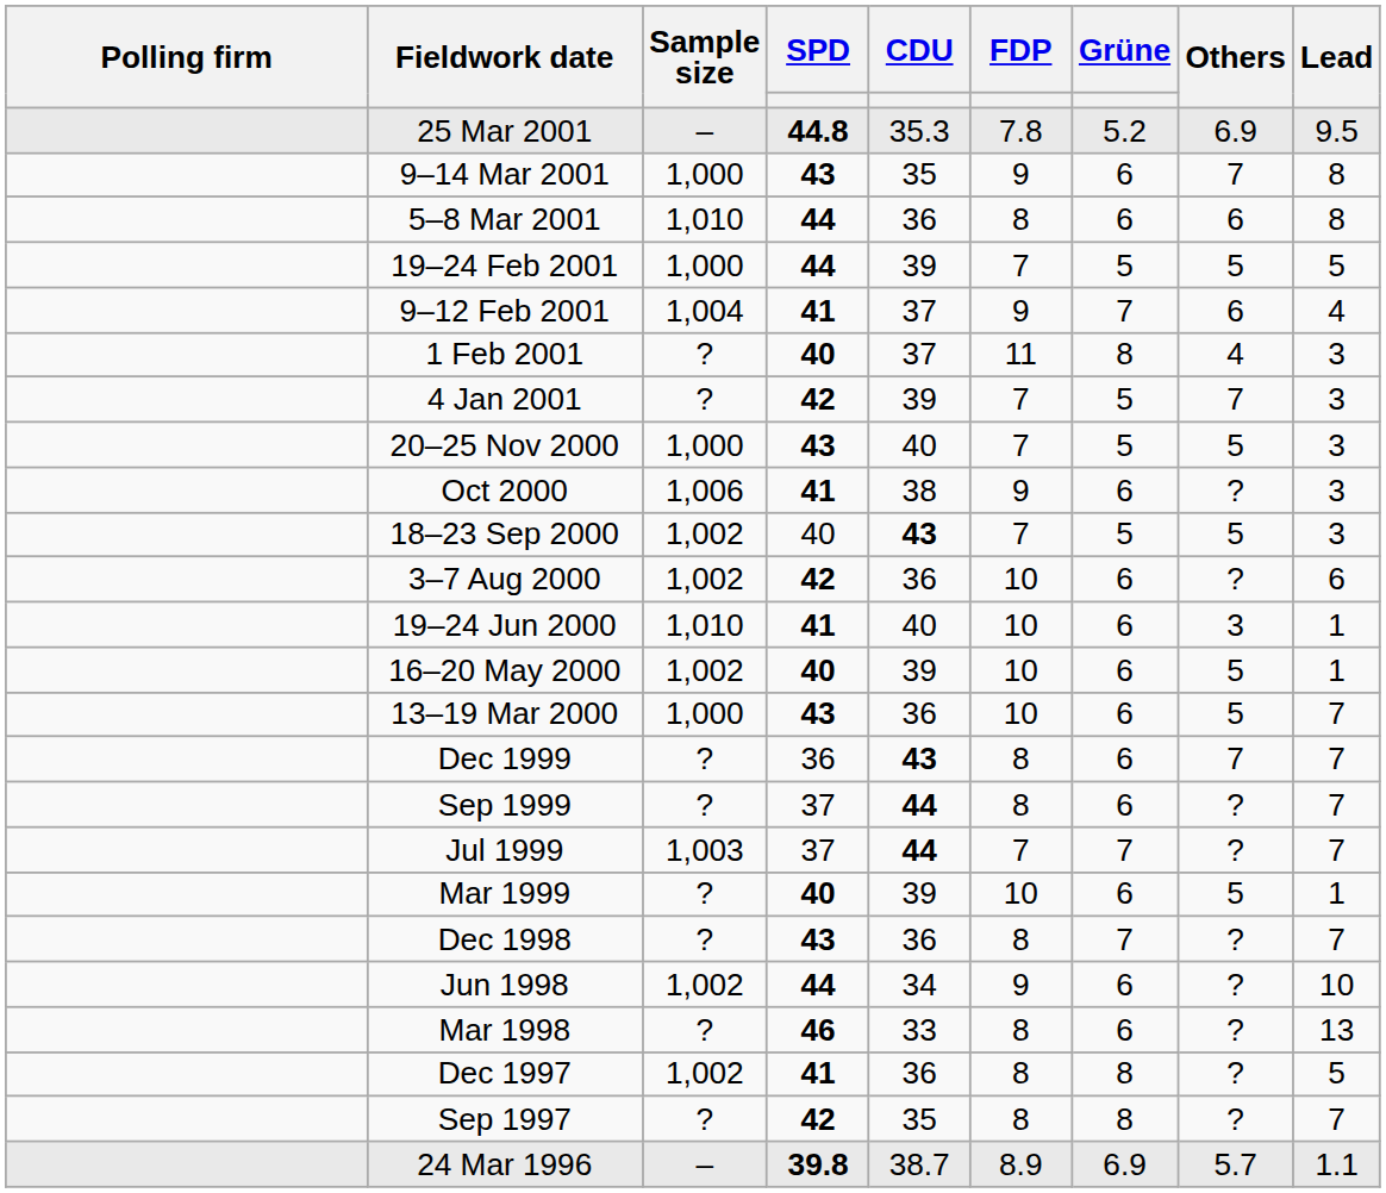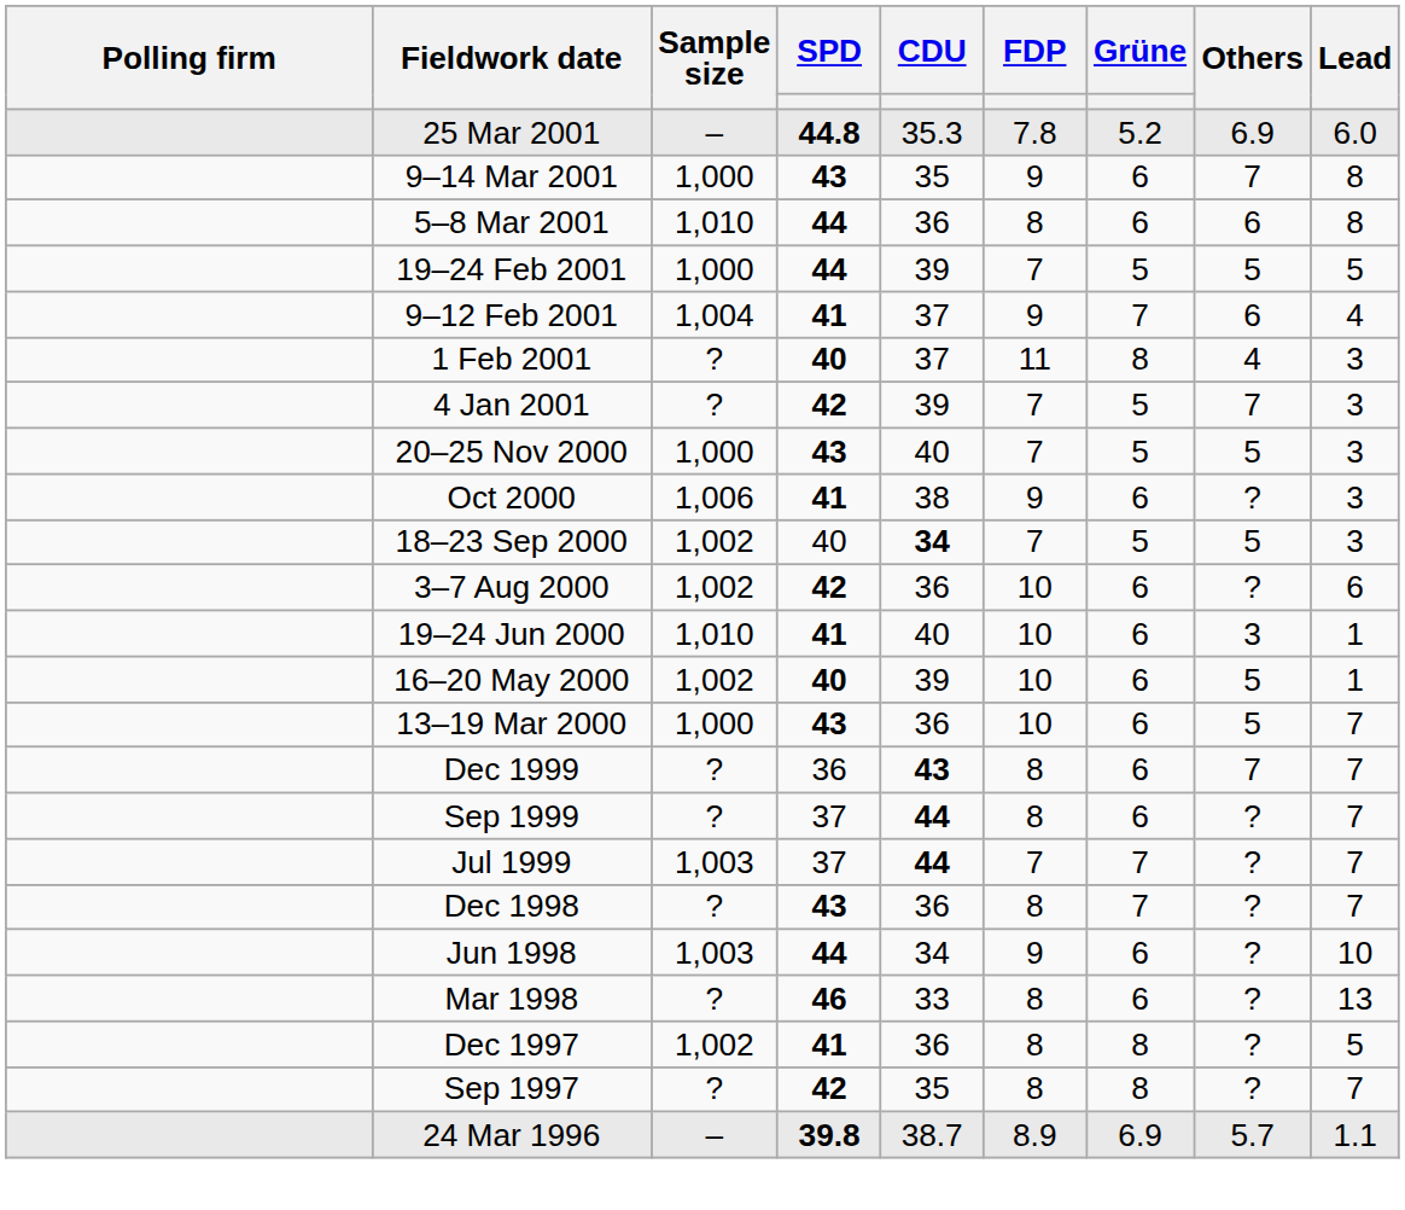 <table class="wikitable sortable" style="text-align:center;font-size:90%;line-height:14px;">
 <tr style="height:40px;">
 <th style="width:160px;" rowspan="2">Polling firm</th>
 <th style="width:120px;" rowspan="2">Fieldwork date</th>
 <th style="width:35px;" rowspan="2">Sample<br>size</th>
 <th class="unsortable" style="width:40px;"><a href='#'>SPD</a></th>
 <th class="unsortable" style="width:40px;"><a href='#'>CDU</a></th>
 <th class="unsortable" style="width:40px;"><a href='#'>FDP</a></th>
 <th class="unsortable" style="width:40px;"><a href='#'>Grüne</a></th>
 <th class="unsortable" style="width:40px;" rowspan="2">Others</th>
 <th style="width:30px;" rowspan="2">Lead</th>
 </tr>
 <tr>
 <th style="background:"></th>
 <th style="background:"></th>
 <th style="background:"></th>
 <th style="background:"></th>
 </tr>
 <tr style="background:#E9E9E9;">
 <td></td>
 <td data-sort-value="2001-03-25">25 Mar 2001</td>
 <td>–</td>
 <td><strong>44.8</strong></td>
 <td>35.3</td>
 <td>7.8</td>
 <td>5.2</td>
 <td>6.9</td>
-<td style="background:">9.5</td>
+<td style="background:">6.0</td>
 </tr>
 <tr>
 <td></td>
 <td data-sort-value="2001-03-15">9–14 Mar 2001</td>
 <td>1,000</td>
 <td><strong>43</strong></td>
 <td>35</td>
 <td>9</td>
 <td>6</td>
 <td>7</td>
 <td style="background:">8</td>
 </tr>
 <tr>
 <td></td>
 <td data-sort-value="2001-03-09">5–8 Mar 2001</td>
 <td>1,010</td>
 <td><strong>44</strong></td>
 <td>36</td>
 <td>8</td>
 <td>6</td>
 <td>6</td>
 <td style="background:">8</td>
 </tr>
 <tr>
 <td></td>
 <td data-sort-value="2001-03-01">19–24 Feb 2001</td>
 <td>1,000</td>
 <td><strong>44</strong></td>
 <td>39</td>
 <td>7</td>
 <td>5</td>
 <td>5</td>
 <td style="background:">5</td>
 </tr>
 <tr>
 <td></td>
 <td data-sort-value="2001-02-20">9–12 Feb 2001</td>
 <td>1,004</td>
 <td><strong>41</strong></td>
 <td>37</td>
 <td>9</td>
 <td>7</td>
 <td>6</td>
 <td style="background:">4</td>
 </tr>
 <tr>
 <td></td>
 <td data-sort-value="2001-02-01">1 Feb 2001</td>
 <td>?</td>
 <td><strong>40</strong></td>
 <td>37</td>
 <td>11</td>
 <td>8</td>
 <td>4</td>
 <td style="background:">3</td>
 </tr>
 <tr>
 <td></td>
 <td data-sort-value="2001-01-04">4 Jan 2001</td>
 <td>?</td>
 <td><strong>42</strong></td>
 <td>39</td>
 <td>7</td>
 <td>5</td>
 <td>7</td>
 <td style="background:">3</td>
 </tr>
 <tr>
 <td></td>
 <td data-sort-value="2000-11-30">20–25 Nov 2000</td>
 <td>1,000</td>
 <td><strong>43</strong></td>
 <td>40</td>
 <td>7</td>
 <td>5</td>
 <td>5</td>
 <td style="background:">3</td>
 </tr>
 <tr>
 <td></td>
 <td data-sort-value="2000-10-27">Oct 2000</td>
 <td>1,006</td>
 <td><strong>41</strong></td>
 <td>38</td>
 <td>9</td>
 <td>6</td>
 <td>?</td>
 <td style="background:">3</td>
 </tr>
 <tr>
 <td></td>
 <td data-sort-value="2000-09-28">18–23 Sep 2000</td>
 <td>1,002</td>
 <td>40</td>
-<td><strong>43</strong></td>
+<td><strong>34</strong></td>
 <td>7</td>
 <td>5</td>
 <td>5</td>
 <td style="background:">3</td>
 </tr>
 <tr>
 <td></td>
 <td data-sort-value="2000-08-15">3–7 Aug 2000</td>
 <td>1,002</td>
 <td><strong>42</strong></td>
 <td>36</td>
 <td>10</td>
 <td>6</td>
 <td>?</td>
 <td style="background:">6</td>
 </tr>
 <tr>
 <td></td>
 <td data-sort-value="2000-06-29">19–24 Jun 2000</td>
 <td>1,010</td>
 <td><strong>41</strong></td>
 <td>40</td>
 <td>10</td>
 <td>6</td>
 <td>3</td>
 <td style="background:">1</td>
 </tr>
 <tr>
 <td></td>
 <td data-sort-value="2000-05-26">16–20 May 2000</td>
 <td>1,002</td>
 <td><strong>40</strong></td>
 <td>39</td>
 <td>10</td>
 <td>6</td>
 <td>5</td>
 <td style="background:">1</td>
 </tr>
 <tr>
 <td></td>
 <td data-sort-value="2000-03-23">13–19 Mar 2000</td>
 <td>1,000</td>
 <td><strong>43</strong></td>
 <td>36</td>
 <td>10</td>
 <td>6</td>
 <td>5</td>
 <td style="background:">7</td>
 </tr>
 <tr>
 <td></td>
 <td data-sort-value="1999-12-02">Dec 1999</td>
 <td>?</td>
 <td>36</td>
 <td><strong>43</strong></td>
 <td>8</td>
 <td>6</td>
 <td>7</td>
 <td style="background:">7</td>
 </tr>
 <tr>
 <td></td>
 <td data-sort-value="1999-09-30">Sep 1999</td>
 <td>?</td>
 <td>37</td>
 <td><strong>44</strong></td>
 <td>8</td>
 <td>6</td>
 <td>?</td>
 <td style="background:">7</td>
 </tr>
 <tr>
 <td></td>
 <td data-sort-value="1999-07-08">Jul 1999</td>
 <td>1,003</td>
 <td>37</td>
 <td><strong>44</strong></td>
 <td>7</td>
 <td>7</td>
 <td>?</td>
 <td style="background:">7</td>
 </tr>
 <tr>
 <td></td>
-<td data-sort-value="1999-03-31">Mar 1999</td>
-<td>?</td>
-<td><strong>40</strong></td>
-<td>39</td>
-<td>10</td>
-<td>6</td>
-<td>5</td>
-<td style="background:">1</td>
-</tr>
-<tr>
-<td></td>
 <td data-sort-value="1998-12-10">Dec 1998</td>
 <td>?</td>
 <td><strong>43</strong></td>
 <td>36</td>
 <td>8</td>
 <td>7</td>
 <td>?</td>
 <td style="background:">7</td>
 </tr>
 <tr>
 <td></td>
 <td data-sort-value="1998-06-25">Jun 1998</td>
-<td>1,002</td>
+<td>1,003</td>
 <td><strong>44</strong></td>
 <td>34</td>
 <td>9</td>
 <td>6</td>
 <td>?</td>
 <td style="background:">10</td>
 </tr>
 <tr>
 <td></td>
 <td data-sort-value="1998-03-19">Mar 1998</td>
 <td>?</td>
 <td><strong>46</strong></td>
 <td>33</td>
 <td>8</td>
 <td>6</td>
 <td>?</td>
 <td style="background:">13</td>
 </tr>
 <tr>
 <td></td>
 <td data-sort-value="1997-12-11">Dec 1997</td>
 <td>1,002</td>
 <td><strong>41</strong></td>
 <td>36</td>
 <td>8</td>
 <td>8</td>
 <td>?</td>
 <td style="background:">5</td>
 </tr>
 <tr>
 <td></td>
 <td data-sort-value="1997-09-30">Sep 1997</td>
 <td>?</td>
 <td><strong>42</strong></td>
 <td>35</td>
 <td>8</td>
 <td>8</td>
 <td>?</td>
 <td style="background:">7</td>
 </tr>
 <tr style="background:#E9E9E9;">
 <td></td>
 <td data-sort-value="1996-03-24">24 Mar 1996</td>
 <td>–</td>
 <td><strong>39.8</strong></td>
 <td>38.7</td>
 <td>8.9</td>
 <td>6.9</td>
 <td>5.7</td>
 <td style="background:">1.1</td>
 </tr>
 </table>
